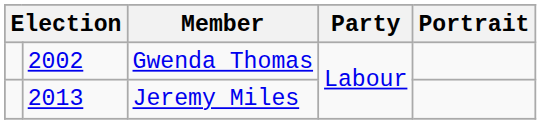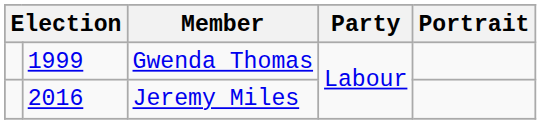 <table class="wikitable">
 <tr>
 <th colspan="2">Election</th>
 <th>Member</th>
 <th>Party</th>
 <th>Portrait</th>
 </tr>
 <tr>
 <td style="background-color: "></td>
-<td><a href='#'>2002</a></td>
+<td><a href='#'>1999</a></td>
 <td><a href='#'>Gwenda Thomas</a></td>
 <td rowspan="2"><a href='#'>Labour</a></td>
 <td></td>
 </tr>
 <tr>
 <td style="background-color: "></td>
-<td><a href='#'>2013</a></td>
+<td><a href='#'>2016</a></td>
 <td><a href='#'>Jeremy Miles</a></td>
 <td></td>
 </tr>
 </table>
